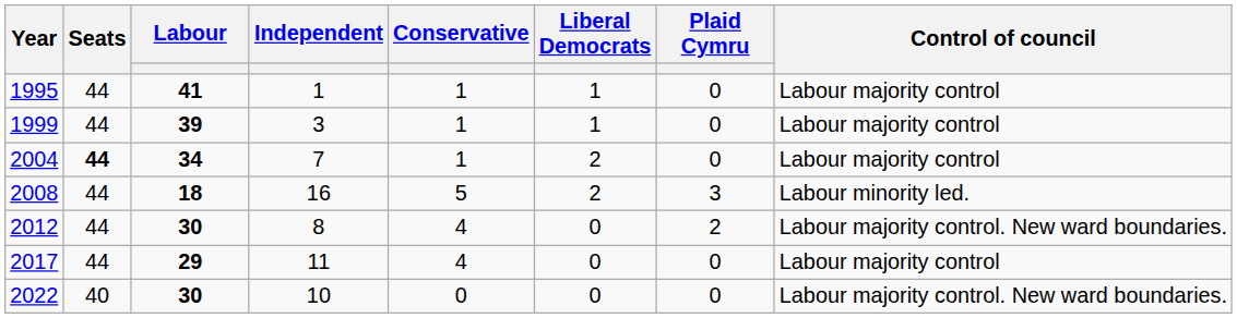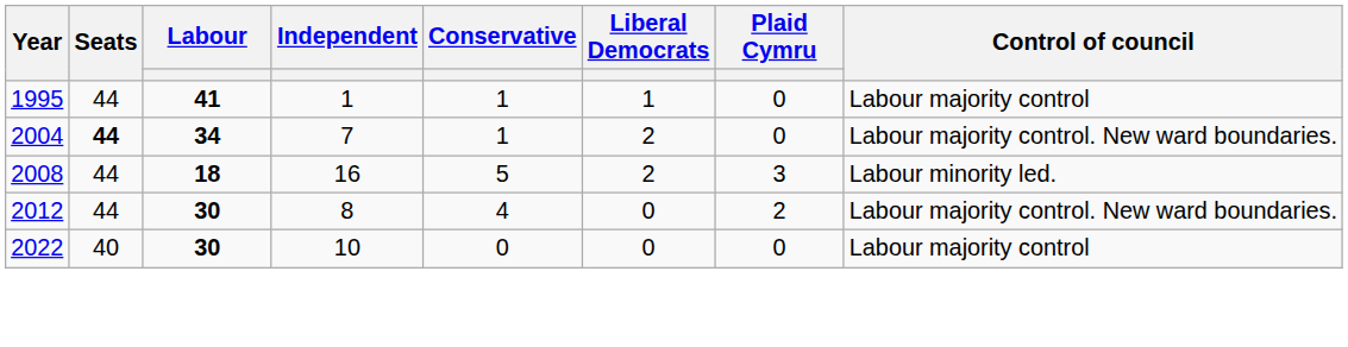 <table class="wikitable" style=text-align:center>
 <tr>
 <th rowspan=2>Year</th>
 <th rowspan=2>Seats</th>
 <th width="80"><a href='#'>Labour</a></th>
 <th width="80"><a href='#'>Independent</a></th>
 <th width="80"><a href='#'>Conservative</a></th>
 <th width="80"><a href='#'>Liberal Democrats</a></th>
 <th width="80"><a href='#'>Plaid Cymru</a></th>
 <th rowspan=2>Control of council</th>
 </tr>
 <tr>
 <th style="background-color: "></th>
 <th style="background-color: "></th>
 <th style="background-color: "></th>
 <th style="background-color: "></th>
 <th style="background-color: "></th>
 </tr>
 <tr>
 <td><a href='#'>1995</a></td>
 <td>44</td>
 <td><strong>41</strong></td>
 <td>1</td>
 <td>1</td>
 <td>1</td>
 <td>0</td>
 <td align=left>Labour majority control</td>
 </tr>
 <tr>
-<td><a href='#'>1999</a></td>
-<td>44</td>
-<td><strong>39</strong></td>
-<td>3</td>
-<td>1</td>
-<td>1</td>
-<td>0</td>
-<td align=left>Labour majority control</td>
-</tr>
-<tr>
 <td><a href='#'>2004</a></td>
 <td><strong>44</strong></td>
 <td><strong>34</strong></td>
 <td>7</td>
 <td>1</td>
 <td>2</td>
 <td>0</td>
-<td align=left>Labour majority control</td>
+<td align=left>Labour majority control. New ward boundaries.</td>
 </tr>
 <tr>
 <td><a href='#'>2008</a></td>
 <td>44</td>
 <td><strong>18</strong></td>
 <td>16</td>
 <td>5</td>
 <td>2</td>
 <td>3</td>
 <td align=left>Labour minority led.</td>
 </tr>
 <tr>
 <td><a href='#'>2012</a></td>
 <td>44</td>
 <td><strong>30</strong></td>
 <td>8</td>
 <td>4</td>
 <td>0</td>
 <td>2</td>
 <td align=left>Labour majority control. New ward boundaries.</td>
 </tr>
 <tr>
-<td><a href='#'>2017</a></td>
-<td>44</td>
-<td><strong>29</strong></td>
-<td>11</td>
-<td>4</td>
-<td>0</td>
-<td>0</td>
-<td align=left>Labour majority control</td>
-</tr>
-<tr>
 <td><a href='#'>2022</a></td>
 <td>40</td>
 <td><strong>30</strong></td>
 <td>10</td>
 <td>0</td>
 <td>0</td>
 <td>0</td>
-<td align=left>Labour majority control. New ward boundaries.</td>
+<td align=left>Labour majority control</td>
 </tr>
 </table>
